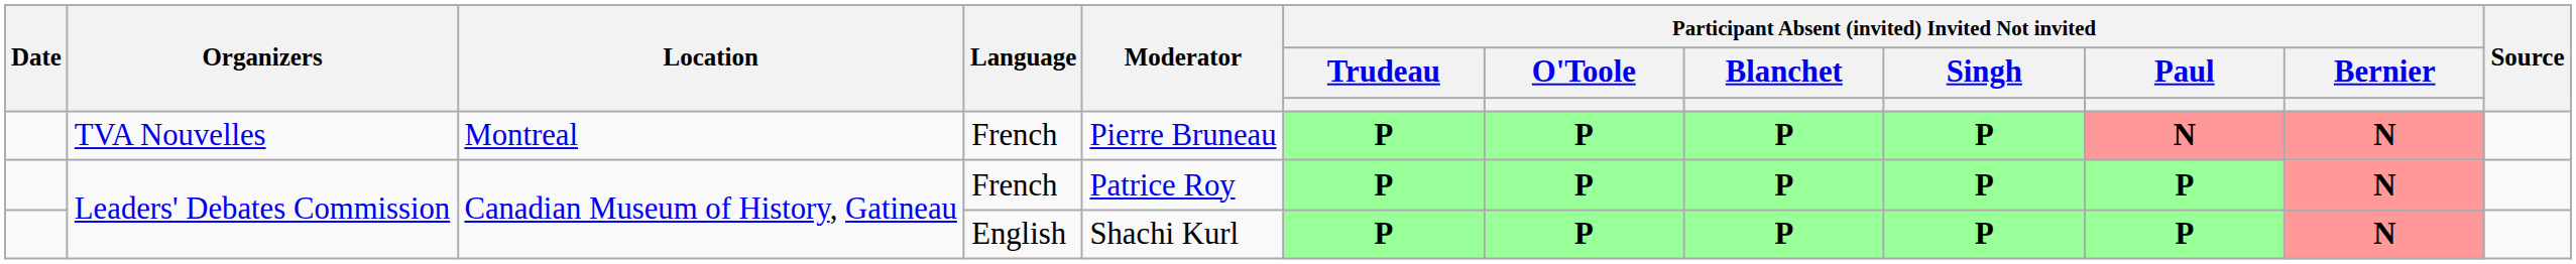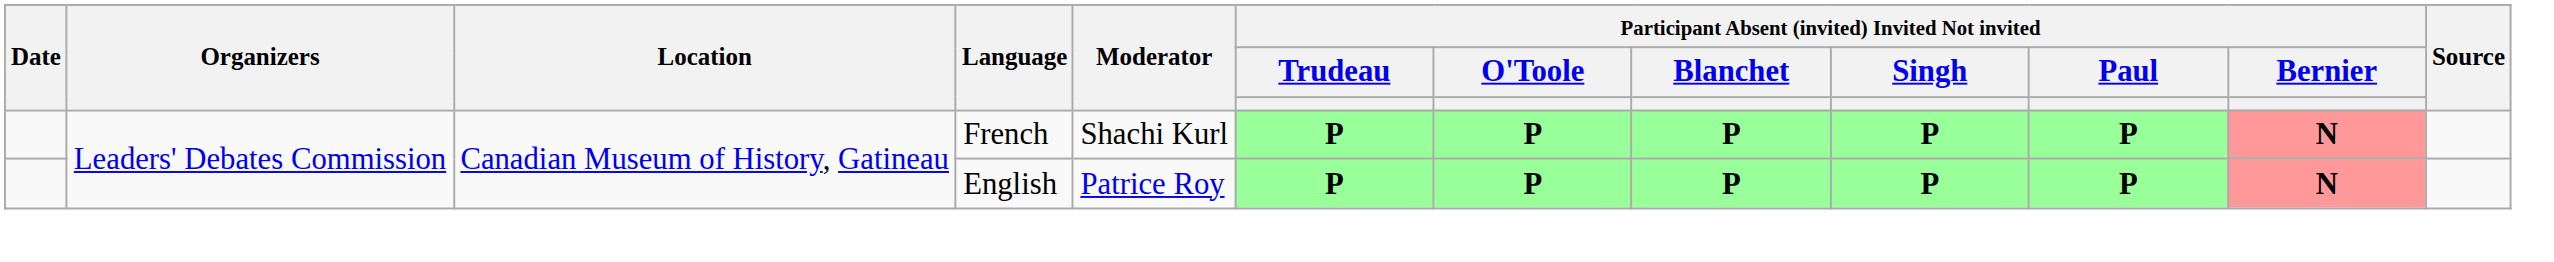 <table class="wikitable" style="text-justify: none">
 <tr style="font-size:small;">
 <th rowspan="3">Date</th>
 <th rowspan="3">Organizers</th>
 <th rowspan="3">Location</th>
 <th rowspan="3">Language</th>
 <th rowspan="3">Moderator</th>
 <th colspan="6"><small> Participant  Absent (invited)  Invited  Not invited</small></th>
 <th rowspan="3">Source</th>
 </tr>
 <tr>
 <th style="width:6em;"><a href='#'>Trudeau</a></th>
 <th style="width:6em;"><a href='#'>O'Toole</a></th>
 <th style="width:6em;"><a href='#'>Blanchet</a></th>
 <th style="width:6em;"><a href='#'>Singh</a></th>
 <th style="width:6em;"><a href='#'>Paul</a></th>
 <th style="width:6em;"><a href='#'>Bernier</a></th>
 </tr>
 <tr>
 <th style="background:"></th>
 <th style="background:"></th>
 <th style="background:"></th>
 <th style="background:"></th>
 <th style="background:"></th>
 <th style="background:"></th>
 </tr>
 <tr>
 <td></td>
-<td><a href='#'>TVA Nouvelles</a></td>
-<td><a href='#'>Montreal</a></td>
-<td>French</td>
-<td><a href='#'>Pierre Bruneau</a></td>
-<td style="background-color:#99ff99; color:black; text-align:center;"><strong>P</strong></td>
-<td style="background-color:#99ff99; color:black; text-align:center;"><strong>P</strong></td>
-<td style="background-color:#99ff99; color:black; text-align:center;"><strong>P</strong></td>
-<td style="background-color:#99ff99; color:black; text-align:center;"><strong>P</strong></td>
-<td style="background-color:#FF9999; color:black; text-align:center;"><strong>N</strong></td>
-<td style="background-color:#FF9999; color:black; text-align:center;"><strong>N</strong></td>
-<td></td>
-</tr>
-<tr>
-<td></td>
 <td rowspan=2><a href='#'>Leaders' Debates Commission</a></td>
 <td rowspan=2><a href='#'>Canadian Museum of History</a>, <a href='#'>Gatineau</a></td>
 <td>French</td>
-<td><a href='#'>Patrice Roy</a></td>
+<td>Shachi Kurl</td>
 <td style="background-color:#99ff99; color:black; text-align:center;"><strong>P</strong></td>
 <td style="background-color:#99ff99; color:black; text-align:center;"><strong>P</strong></td>
 <td style="background-color:#99ff99; color:black; text-align:center;"><strong>P</strong></td>
 <td style="background-color:#99ff99; color:black; text-align:center;"><strong>P</strong></td>
 <td style="background-color:#99ff99; color:black; text-align:center;"><strong>P</strong></td>
 <td style="background-color:#FF9999; color:black; text-align:center;"><strong>N</strong></td>
 <td></td>
 </tr>
 <tr>
 <td></td>
 <td>English</td>
-<td>Shachi Kurl</td>
+<td><a href='#'>Patrice Roy</a></td>
 <td style="background-color:#99ff99; color:black; text-align:center;"><strong>P</strong></td>
 <td style="background-color:#99ff99; color:black; text-align:center;"><strong>P</strong></td>
 <td style="background-color:#99ff99; color:black; text-align:center;"><strong>P</strong></td>
 <td style="background-color:#99ff99; color:black; text-align:center;"><strong>P</strong></td>
 <td style="background-color:#99ff99; color:black; text-align:center;"><strong>P</strong></td>
 <td style="background-color:#FF9999; color:black; text-align:center;"><strong>N</strong></td>
 <td></td>
 </tr>
 </table>
